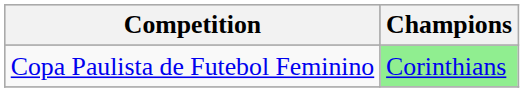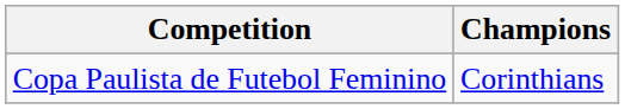 <table class="wikitable">
 <tr>
 <th>Competition</th>
 <th>Champions</th>
 </tr>
 <tr>
 <td><a href='#'>Copa Paulista de Futebol Feminino</a></td>
-<td style="background: lightgreen;"><a href='#'>Corinthians</a></td>
+<td><a href='#'>Corinthians</a></td>
 </tr>
 </table>
